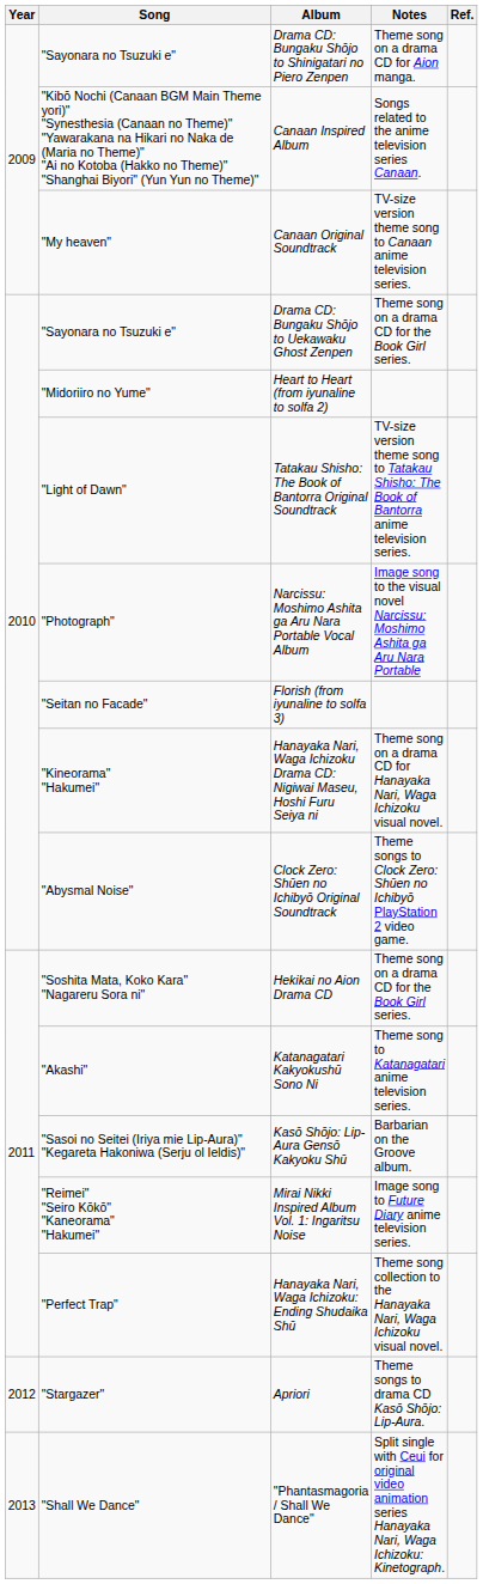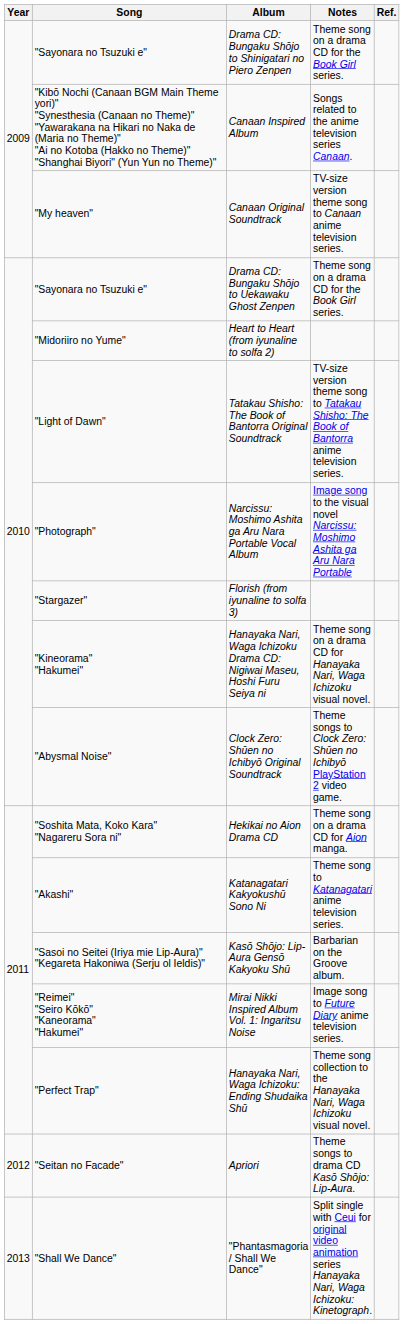 <table class="wikitable" border="1">
 <tr>
 <th rowspan="1">Year</th>
 <th rowspan="1" width="300">Song</th>
 <th rowspan="1">Album</th>
 <th rowspan="1">Notes</th>
 <th rowspan="1">Ref.</th>
 </tr>
 <tr>
 <td rowspan="3">2009</td>
 <td>"Sayonara no Tsuzuki e"</td>
 <td><em>Drama CD: Bungaku Shōjo to Shinigatari no Piero Zenpen</em></td>
-<td>Theme song on a drama CD for <em><a href='#'>Aion</a></em> manga.</td>
+<td>Theme song on a drama CD for the <em><a href='#'>Book Girl</a></em> series.</td>
 <td></td>
 </tr>
 <tr>
 <td>"Kibō Nochi (Canaan BGM Main Theme yori)"<br>"Synesthesia (Canaan no Theme)"<br>"Yawarakana na Hikari no Naka de (Maria no Theme)"<br>"Ai no Kotoba (Hakko no Theme)"<br>"Shanghai Biyori" (Yun Yun no Theme)"</td>
 <td><em>Canaan Inspired Album</em></td>
 <td>Songs related to the anime television series <em><a href='#'>Canaan</a></em>.</td>
 <td></td>
 </tr>
 <tr>
 <td>"My heaven"</td>
 <td><em>Canaan Original Soundtrack</em></td>
 <td>TV-size version theme song to <em>Canaan</em> anime television series.</td>
 <td></td>
 </tr>
 <tr>
 <td rowspan="7">2010</td>
 <td>"Sayonara no Tsuzuki e"</td>
 <td><em>Drama CD: Bungaku Shōjo to Uekawaku Ghost Zenpen</em></td>
 <td>Theme song on a drama CD for the <em>Book Girl</em> series.</td>
 <td></td>
 </tr>
 <tr>
 <td>"Midoriiro no Yume"</td>
 <td><em>Heart to Heart (from iyunaline to solfa 2)</em></td>
 <td></td>
 <td></td>
 </tr>
 <tr>
 <td>"Light of Dawn"</td>
 <td><em>Tatakau Shisho: The Book of Bantorra Original Soundtrack</em></td>
 <td>TV-size version theme song to <em><a href='#'>Tatakau Shisho: The Book of Bantorra</a></em> anime television series.</td>
 <td></td>
 </tr>
 <tr>
 <td>"Photograph"</td>
 <td><em>Narcissu: Moshimo Ashita ga Aru Nara Portable Vocal Album</em></td>
 <td><a href='#'>Image song</a> to the visual novel <em><a href='#'>Narcissu: Moshimo Ashita ga Aru Nara Portable</a></em></td>
 <td></td>
 </tr>
 <tr>
-<td>"Seitan no Facade"</td>
+<td>"Stargazer"</td>
 <td><em>Florish (from iyunaline to solfa 3)</em></td>
 <td></td>
 <td></td>
 </tr>
 <tr>
 <td>"Kineorama"<br>"Hakumei"</td>
 <td><em>Hanayaka Nari, Waga Ichizoku Drama CD: Nigiwai Maseu, Hoshi Furu Seiya ni</em></td>
 <td>Theme song on a drama CD for <em>Hanayaka Nari, Waga Ichizoku</em> visual novel.</td>
 <td></td>
 </tr>
 <tr>
 <td>"Abysmal Noise"</td>
 <td><em>Clock Zero: Shūen no Ichibyō Original Soundtrack</em></td>
 <td>Theme songs to <em>Clock Zero: Shūen no Ichibyō</em> <a href='#'>PlayStation 2</a> video game.</td>
 <td></td>
 </tr>
 <tr>
 <td rowspan="5">2011</td>
 <td>"Soshita Mata, Koko Kara"<br>"Nagareru Sora ni"</td>
 <td><em>Hekikai no Aion Drama CD</em></td>
-<td>Theme song on a drama CD for the <em><a href='#'>Book Girl</a></em> series.</td>
+<td>Theme song on a drama CD for <em><a href='#'>Aion</a></em> manga.</td>
 <td></td>
 </tr>
 <tr>
 <td>"Akashi"</td>
 <td><em>Katanagatari Kakyokushū Sono Ni</em></td>
 <td>Theme song to <em><a href='#'>Katanagatari</a></em> anime television series.</td>
 <td></td>
 </tr>
 <tr>
 <td>"Sasoi no Seitei (Iriya mie Lip-Aura)"<br>"Kegareta Hakoniwa (Serju ol Ieldis)"</td>
 <td><em>Kasō Shōjo: Lip-Aura Gensō Kakyoku Shū</em></td>
 <td>Barbarian on the Groove album.</td>
 <td></td>
 </tr>
 <tr>
 <td>"Reimei"<br>"Seiro Kōkō"<br>"Kaneorama"<br>"Hakumei"</td>
 <td><em>Mirai Nikki Inspired Album Vol. 1: Ingaritsu Noise</em></td>
 <td>Image song to <em><a href='#'>Future Diary</a></em> anime television series.</td>
 <td></td>
 </tr>
 <tr>
 <td>"Perfect Trap"</td>
 <td><em>Hanayaka Nari, Waga Ichizoku: Ending Shudaika Shū</em></td>
 <td>Theme song collection to the <em>Hanayaka Nari, Waga Ichizoku</em> visual novel.</td>
 <td></td>
 </tr>
 <tr>
 <td>2012</td>
-<td>"Stargazer"</td>
+<td>"Seitan no Facade"</td>
 <td><em>Apriori</em></td>
 <td>Theme songs to drama CD <em>Kasō Shōjo: Lip-Aura</em>.</td>
 <td></td>
 </tr>
 <tr>
 <td rowspan="1">2013</td>
 <td>"Shall We Dance"</td>
 <td>"Phantasmagoria / Shall We Dance"</td>
 <td>Split single with <a href='#'>Ceui</a> for <a href='#'>original video animation</a> series <em>Hanayaka Nari, Waga Ichizoku: Kinetograph</em>.</td>
 <td></td>
 </tr>
 </table>
